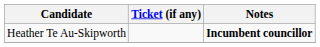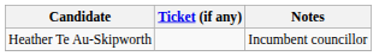 <table class="wikitable" style="font-size: 95%">
 <tr>
 <th>Candidate</th>
 <th><a href='#'>Ticket</a> (if any)</th>
 <th>Notes</th>
 </tr>
 <tr>
 <td>Heather Te Au-Skipworth</td>
 <td></td>
-<td><strong>Incumbent councillor</strong></td>
+<td>Incumbent councillor</td>
 </tr>
 <tr>
 </tr>
 </table>
